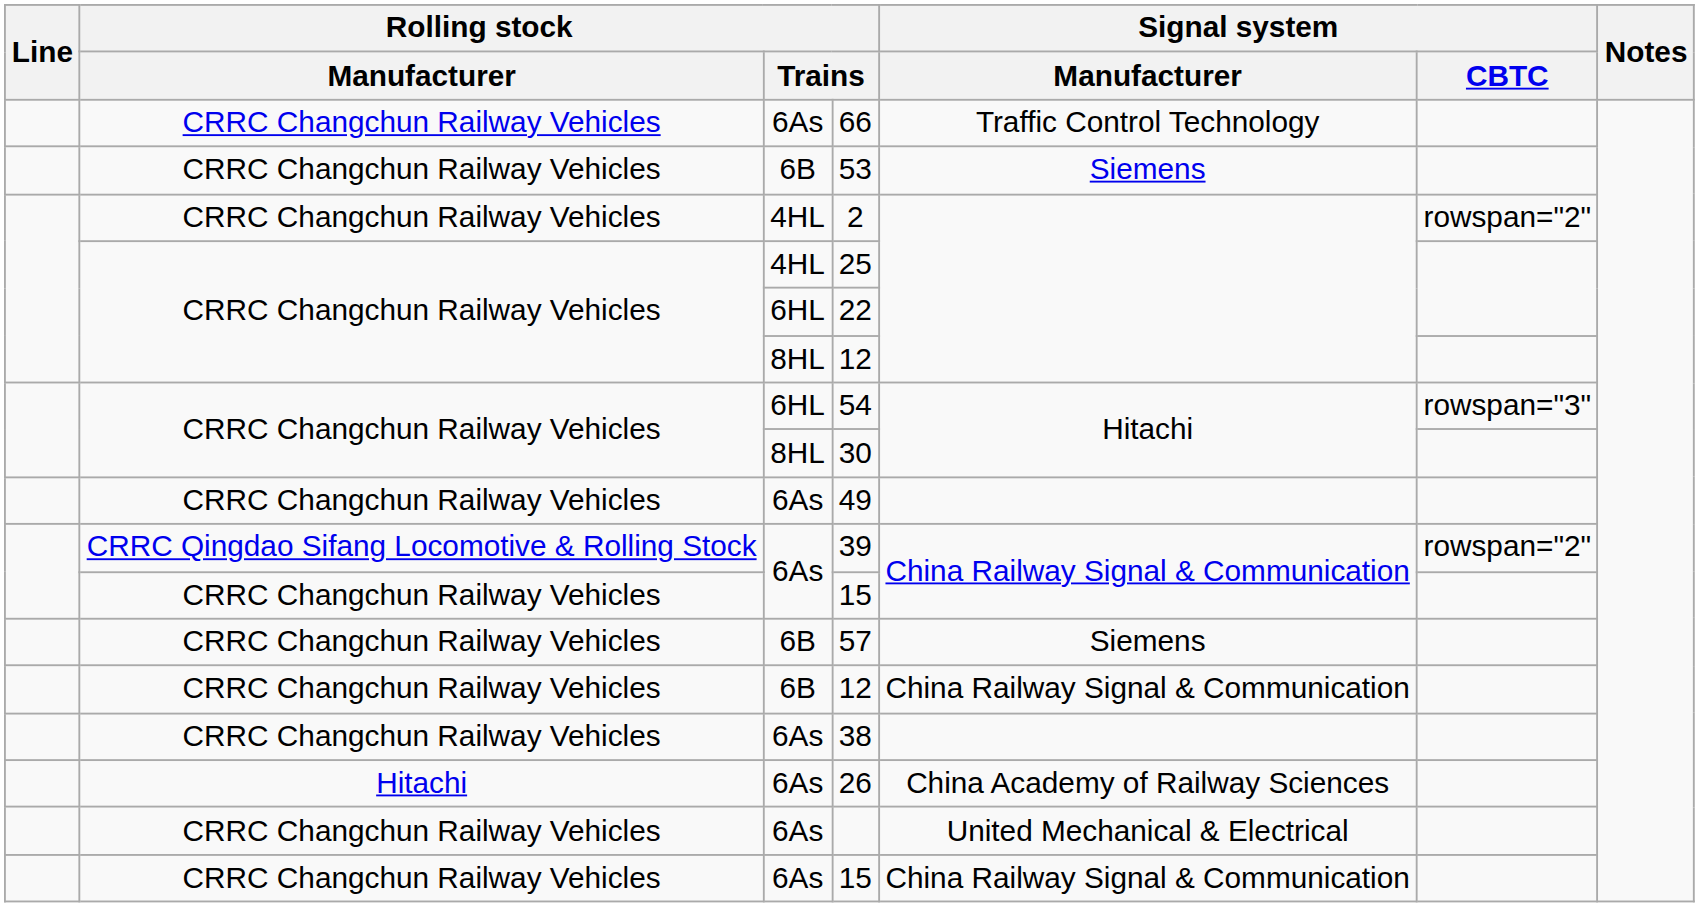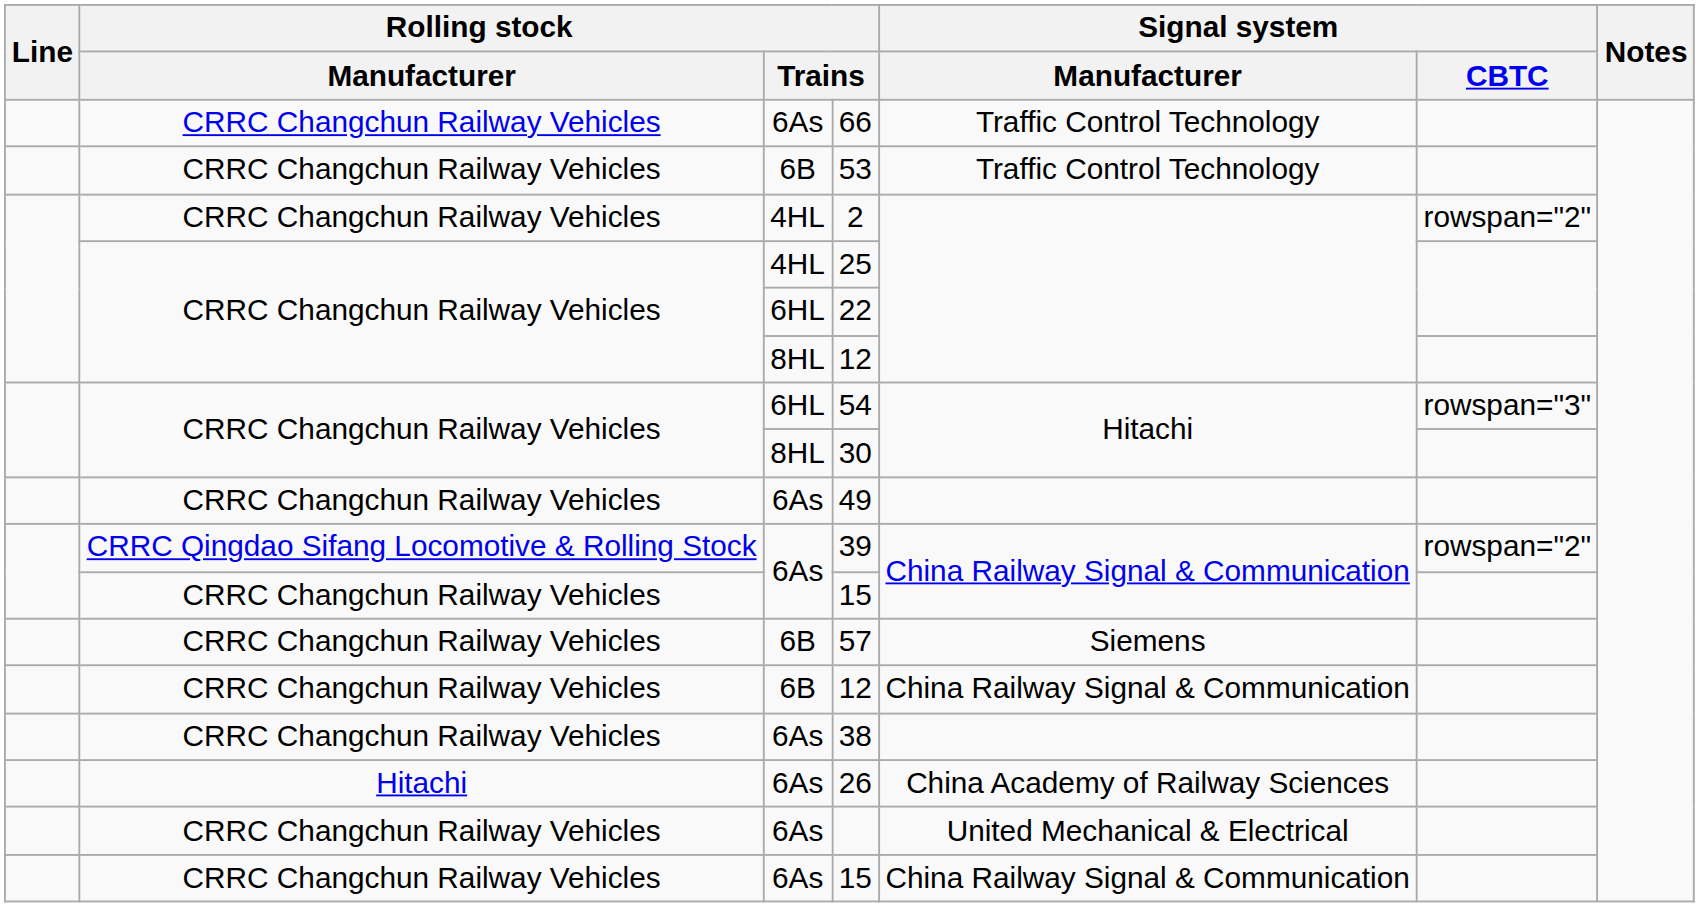 <table class="wikitable" style="text-align:center">
 <tr>
 <th rowspan="2">Line</th>
 <th colspan="3">Rolling stock</th>
 <th colspan="2">Signal system</th>
 <th rowspan="2">Notes</th>
 </tr>
 <tr>
 <th>Manufacturer</th>
 <th colspan="2">Trains</th>
 <th>Manufacturer</th>
 <th><a href='#'>CBTC</a></th>
 </tr>
 <tr>
 <td></td>
 <td><a href='#'>CRRC Changchun Railway Vehicles</a></td>
 <td>6As</td>
 <td>66</td>
 <td>Traffic Control Technology</td>
 <td></td>
 <td rowspan="17"></td>
 </tr>
 <tr>
 <td></td>
 <td>CRRC Changchun Railway Vehicles</td>
 <td>6B</td>
 <td>53</td>
-<td><a href='#'>Siemens</a></td>
+<td>Traffic Control Technology</td>
 <td></td>
 </tr>
 <tr>
 <td rowspan="4"></td>
 <td>CRRC Changchun Railway Vehicles</td>
 <td>4HL</td>
 <td>2</td>
 <td rowspan="4"></td>
 <td>rowspan="2" </td>
 </tr>
 <tr>
 <td rowspan="3">CRRC Changchun Railway Vehicles</td>
 <td>4HL</td>
 <td>25</td>
 </tr>
 <tr>
 <td>6HL</td>
 <td>22</td>
 </tr>
 <tr>
 <td>8HL</td>
 <td>12</td>
 <td></td>
 </tr>
 <tr>
 <td rowspan="2"></td>
 <td rowspan="2">CRRC Changchun Railway Vehicles</td>
 <td>6HL</td>
 <td>54</td>
 <td rowspan="2">Hitachi</td>
 <td>rowspan="3" </td>
 </tr>
 <tr>
 <td>8HL</td>
 <td>30</td>
 </tr>
 <tr>
 <td></td>
 <td>CRRC Changchun Railway Vehicles</td>
 <td>6As</td>
 <td>49</td>
 <td></td>
 <td></td>
 </tr>
 <tr>
 <td rowspan="2"></td>
 <td><a href='#'>CRRC Qingdao Sifang Locomotive & Rolling Stock</a></td>
 <td rowspan="2">6As</td>
 <td>39</td>
 <td rowspan="2"><a href='#'>China Railway Signal & Communication</a></td>
 <td>rowspan="2" </td>
 </tr>
 <tr>
 <td>CRRC Changchun Railway Vehicles</td>
 <td>15</td>
 </tr>
 <tr>
 <td></td>
 <td>CRRC Changchun Railway Vehicles</td>
 <td>6B</td>
 <td>57</td>
 <td>Siemens</td>
 <td></td>
 </tr>
 <tr>
 <td></td>
 <td>CRRC Changchun Railway Vehicles</td>
 <td>6B</td>
 <td>12</td>
 <td>China Railway Signal & Communication</td>
 <td></td>
 </tr>
 <tr>
 <td></td>
 <td>CRRC Changchun Railway Vehicles</td>
 <td>6As</td>
 <td>38</td>
 <td></td>
 <td></td>
 </tr>
 <tr>
 <td></td>
 <td><a href='#'>Hitachi</a></td>
 <td>6As</td>
 <td>26</td>
 <td>China Academy of Railway Sciences</td>
 <td></td>
 </tr>
 <tr>
 <td></td>
 <td>CRRC Changchun Railway Vehicles</td>
 <td>6As</td>
 <td></td>
 <td>United Mechanical & Electrical</td>
 <td></td>
 </tr>
 <tr>
 <td></td>
 <td>CRRC Changchun Railway Vehicles</td>
 <td>6As</td>
 <td>15</td>
 <td>China Railway Signal & Communication</td>
 <td></td>
 </tr>
 </table>
